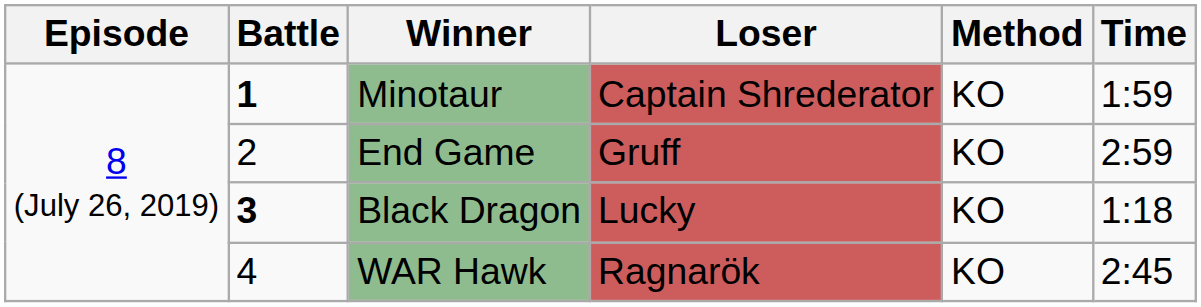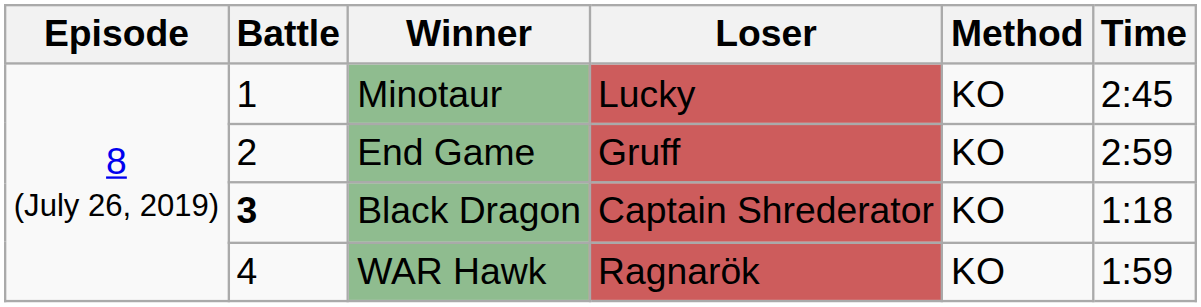 <table class="wikitable">
 <tr>
 <th>Episode</th>
 <th>Battle</th>
 <th>Winner</th>
 <th>Loser</th>
 <th>Method</th>
 <th>Time</th>
 </tr>
 <tr>
 <td style="text-align:center;" rowspan="4"><a href='#'>8</a><br><small>(July 26, 2019)</small></td>
-<td><strong> 1</strong></td>
+<td> 1</td>
 <td style="background:DarkSeaGreen;">Minotaur</td>
-<td style="background:IndianRed;">Captain Shrederator</td>
+<td style="background:IndianRed;">Lucky</td>
 <td>KO</td>
-<td>1:59</td>
+<td>2:45</td>
 </tr>
 <tr>
 <td>2</td>
 <td style="background:DarkSeaGreen;">End Game</td>
 <td style="background:IndianRed;">Gruff</td>
 <td>KO</td>
 <td>2:59</td>
 </tr>
 <tr>
 <td><strong>3</strong></td>
 <td style="background:DarkSeaGreen;">Black Dragon</td>
-<td style="background:IndianRed;">Lucky</td>
+<td style="background:IndianRed;">Captain Shrederator</td>
 <td>KO</td>
 <td>1:18</td>
 </tr>
 <tr>
 <td>4</td>
 <td style="background:DarkSeaGreen;">WAR Hawk</td>
 <td style="background:IndianRed;">Ragnarök</td>
 <td>KO</td>
-<td>2:45</td>
+<td>1:59</td>
 </tr>
 </table>
